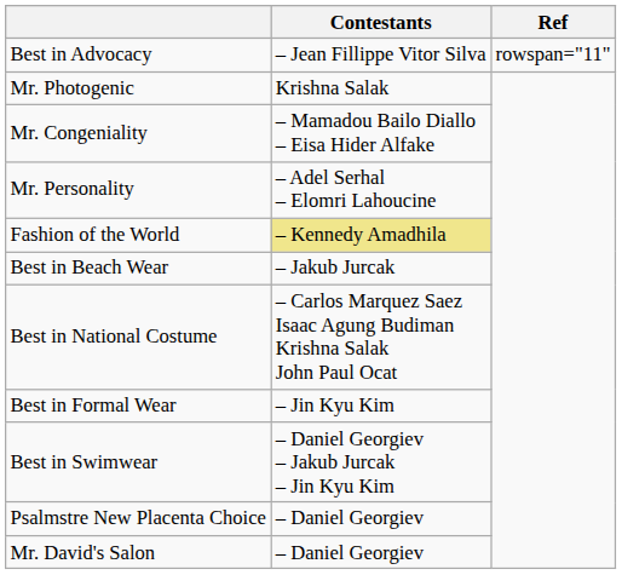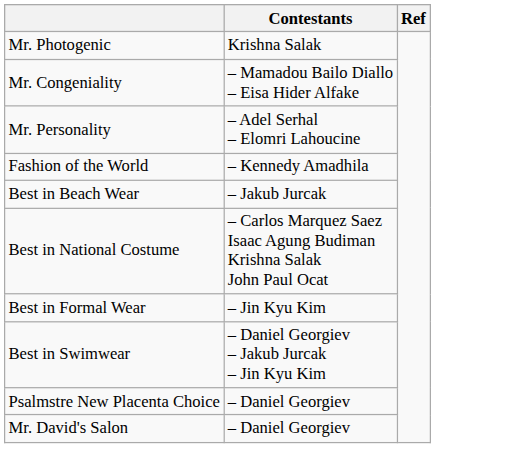 <table class="wikitable"  style="font-size: 85%;">
 <tr style="background:#CCCCCC; text-align:center">
 <th></th>
 <th>Contestants</th>
 <th>Ref</th>
-</tr>
-<tr>
-<td>Best in Advocacy</td>
-<td> – Jean Fillippe Vitor Silva</td>
-<td>rowspan="11" </td>
 </tr>
 <tr>
 <td>Mr. Photogenic</td>
 <td> Krishna Salak</td>
 </tr>
 <tr>
 <td>Mr. Congeniality</td>
 <td> – Mamadou Bailo Diallo <br>  – Eisa Hider Alfake</td>
 </tr>
 <tr>
 <td>Mr. Personality</td>
 <td> – Adel Serhal <br>  – Elomri Lahoucine</td>
 </tr>
 <tr>
 <td>Fashion of the World</td>
-<td style="background: khaki;"> – Kennedy Amadhila</td>
+<td> – Kennedy Amadhila</td>
 </tr>
 <tr>
 <td>Best in Beach Wear</td>
 <td> – Jakub Jurcak</td>
 </tr>
 <tr>
 <td>Best in National Costume</td>
 <td>  – Carlos Marquez Saez <br>   Isaac Agung Budiman <br>   Krishna Salak <br>   John Paul Ocat</td>
 </tr>
 <tr>
 <td>Best in Formal Wear</td>
 <td> – Jin Kyu Kim</td>
 </tr>
 <tr>
 <td>Best in Swimwear</td>
 <td>  – Daniel Georgiev <br>   – Jakub Jurcak <br>   – Jin Kyu Kim</td>
 </tr>
 <tr>
 <td>Psalmstre New Placenta Choice</td>
 <td> – Daniel Georgiev</td>
 </tr>
 <tr>
 <td>Mr. David's Salon</td>
 <td> – Daniel Georgiev</td>
 </tr>
 </table>
